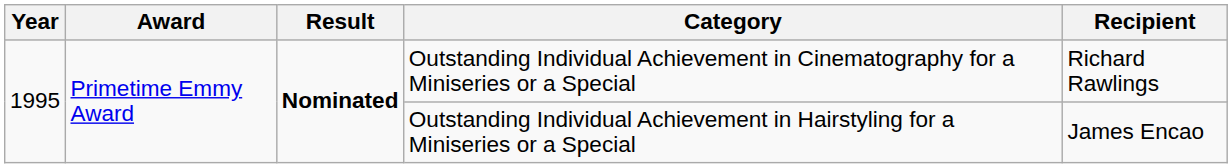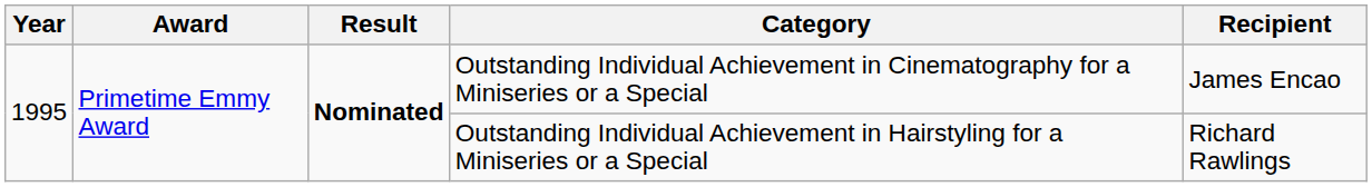 <table class="wikitable">
 <tr>
 <th>Year</th>
 <th>Award</th>
 <th>Result</th>
 <th>Category</th>
 <th>Recipient</th>
 </tr>
 <tr>
 <td rowspan=2>1995</td>
 <td rowspan=2><a href='#'>Primetime Emmy Award</a></td>
 <td rowspan=2><strong>Nominated</strong></td>
 <td>Outstanding Individual Achievement in Cinematography for a Miniseries or a Special</td>
-<td>Richard Rawlings</td>
+<td>James Encao</td>
 </tr>
 <tr>
 <td>Outstanding Individual Achievement in Hairstyling for a Miniseries or a Special</td>
-<td>James Encao</td>
+<td>Richard Rawlings</td>
 </tr>
 </table>
